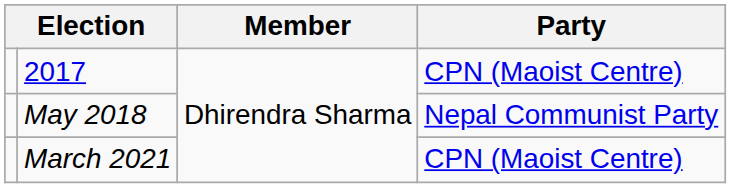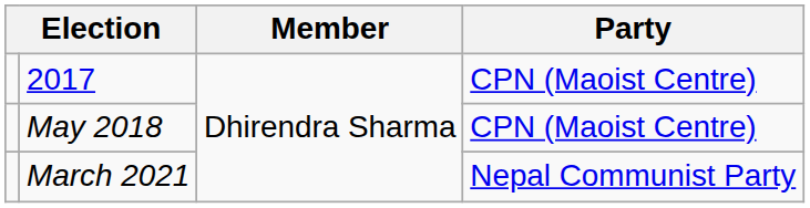 <table class="wikitable">
 <tr>
 <th colspan="2">Election</th>
 <th>Member</th>
 <th>Party</th>
 </tr>
 <tr>
 <td style="background-color:"></td>
 <td><a href='#'>2017</a></td>
 <td rowspan="3">Dhirendra Sharma</td>
 <td><a href='#'>CPN (Maoist Centre)</a></td>
 </tr>
 <tr>
 <td style="background-color:"></td>
 <td><em>May 2018</em></td>
-<td><a href='#'>Nepal Communist Party</a></td>
+<td><a href='#'>CPN (Maoist Centre)</a></td>
 </tr>
 <tr>
 <td style="background-color:"></td>
 <td><em>March 2021</em></td>
-<td><a href='#'>CPN (Maoist Centre)</a></td>
+<td><a href='#'>Nepal Communist Party</a></td>
 </tr>
 </table>
